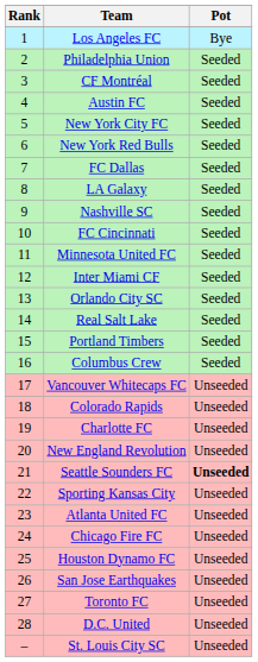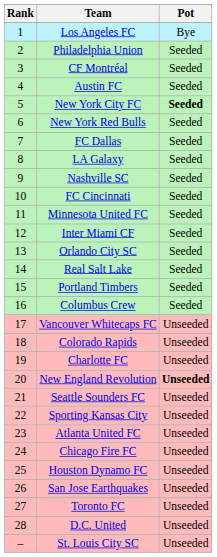 <table class="wikitable" style="text-align:center">
 <tr>
 </tr>
 <tr>
 <th>Rank</th>
 <th>Team</th>
 <th>Pot</th>
 </tr>
 <tr>
 </tr>
 <tr bgcolor=#BBF3FF>
 <td>1</td>
 <td><a href='#'>Los Angeles FC</a></td>
 <td>Bye</td>
 </tr>
 <tr bgcolor=#BBF3BB>
 <td>2</td>
 <td><a href='#'>Philadelphia Union</a></td>
 <td>Seeded</td>
 </tr>
 <tr bgcolor=#BBF3BB>
 <td>3</td>
 <td><a href='#'>CF Montréal</a></td>
 <td>Seeded</td>
 </tr>
 <tr bgcolor=#BBF3BB>
 <td>4</td>
 <td><a href='#'>Austin FC</a></td>
 <td>Seeded</td>
 </tr>
 <tr bgcolor=#BBF3BB>
 <td>5</td>
 <td><a href='#'>New York City FC</a></td>
-<td>Seeded</td>
+<td><strong>Seeded</strong></td>
 </tr>
 <tr bgcolor=#BBF3BB>
 <td>6</td>
 <td><a href='#'>New York Red Bulls</a></td>
 <td>Seeded</td>
 </tr>
 <tr bgcolor=#BBF3BB>
 <td>7</td>
 <td><a href='#'>FC Dallas</a></td>
 <td>Seeded</td>
 </tr>
 <tr bgcolor=#BBF3BB>
 <td>8</td>
 <td><a href='#'>LA Galaxy</a></td>
 <td>Seeded</td>
 </tr>
 <tr bgcolor=#BBF3BB>
 <td>9</td>
 <td><a href='#'>Nashville SC</a></td>
 <td>Seeded</td>
 </tr>
 <tr bgcolor=#BBF3BB>
 <td>10</td>
 <td><a href='#'>FC Cincinnati</a></td>
 <td>Seeded</td>
 </tr>
 <tr bgcolor=#BBF3BB>
 <td>11</td>
 <td><a href='#'>Minnesota United FC</a></td>
 <td>Seeded</td>
 </tr>
 <tr bgcolor=#BBF3BB>
 <td>12</td>
 <td><a href='#'>Inter Miami CF</a></td>
 <td>Seeded</td>
 </tr>
 <tr bgcolor=#BBF3BB>
 <td>13</td>
 <td><a href='#'>Orlando City SC</a></td>
 <td>Seeded</td>
 </tr>
 <tr bgcolor=#BBF3BB>
 <td>14</td>
 <td><a href='#'>Real Salt Lake</a></td>
 <td>Seeded</td>
 </tr>
 <tr bgcolor=#BBF3BB>
 <td>15</td>
 <td><a href='#'>Portland Timbers</a></td>
 <td>Seeded</td>
 </tr>
 <tr bgcolor=#BBF3BB>
 <td>16</td>
 <td><a href='#'>Columbus Crew</a></td>
 <td>Seeded</td>
 </tr>
 <tr bgcolor=#FFBBBB>
 <td>17</td>
 <td><a href='#'>Vancouver Whitecaps FC</a></td>
 <td>Unseeded</td>
 </tr>
 <tr bgcolor=#FFBBBB>
 <td>18</td>
 <td><a href='#'>Colorado Rapids</a></td>
 <td>Unseeded</td>
 </tr>
 <tr bgcolor=#FFBBBB>
 <td>19</td>
 <td><a href='#'>Charlotte FC</a></td>
 <td>Unseeded</td>
 </tr>
 <tr bgcolor=#FFBBBB>
 <td>20</td>
 <td><a href='#'>New England Revolution</a></td>
-<td>Unseeded</td>
+<td><strong>Unseeded</strong></td>
 </tr>
 <tr bgcolor=#FFBBBB>
 <td>21</td>
 <td><a href='#'>Seattle Sounders FC</a></td>
-<td><strong>Unseeded</strong></td>
+<td>Unseeded</td>
 </tr>
 <tr bgcolor=#FFBBBB>
 <td>22</td>
 <td><a href='#'>Sporting Kansas City</a></td>
 <td>Unseeded</td>
 </tr>
 <tr bgcolor=#FFBBBB>
 <td>23</td>
 <td><a href='#'>Atlanta United FC</a></td>
 <td>Unseeded</td>
 </tr>
 <tr bgcolor=#FFBBBB>
 <td>24</td>
 <td><a href='#'>Chicago Fire FC</a></td>
 <td>Unseeded</td>
 </tr>
 <tr bgcolor=#FFBBBB>
 <td>25</td>
 <td><a href='#'>Houston Dynamo FC</a></td>
 <td>Unseeded</td>
 </tr>
 <tr bgcolor=#FFBBBB>
 <td>26</td>
 <td><a href='#'>San Jose Earthquakes</a></td>
 <td>Unseeded</td>
 </tr>
 <tr bgcolor=#FFBBBB>
 <td>27</td>
 <td><a href='#'>Toronto FC</a></td>
 <td>Unseeded</td>
 </tr>
 <tr bgcolor=#FFBBBB>
 <td>28</td>
 <td><a href='#'>D.C. United</a></td>
 <td>Unseeded</td>
 </tr>
 <tr bgcolor=#FFBBBB>
 <td>–</td>
 <td><a href='#'>St. Louis City SC</a></td>
 <td>Unseeded</td>
 </tr>
 </table>
